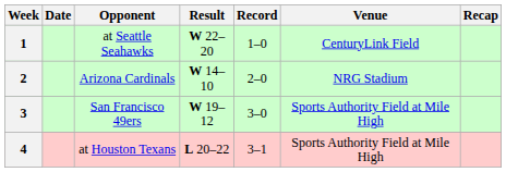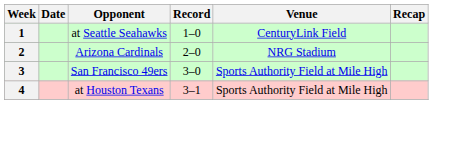 <table class="wikitable" style="text-align:center">
 <tr>
 <th>Week</th>
 <th>Date</th>
 <th>Opponent</th>
-<th>Result</th>
 <th>Record</th>
 <th>Venue</th>
 <th>Recap</th>
 </tr>
 <tr style="background:#cfc">
 <th>1</th>
 <td></td>
 <td>at <a href='#'>Seattle Seahawks</a></td>
-<td><strong>W</strong> 22–20</td>
 <td>1–0</td>
 <td><a href='#'>CenturyLink Field</a></td>
 <td></td>
 </tr>
 <tr style="background:#cfc">
 <th>2</th>
 <td></td>
 <td><a href='#'>Arizona Cardinals</a></td>
-<td><strong>W</strong> 14–10</td>
 <td>2–0</td>
 <td><a href='#'>NRG Stadium</a></td>
 <td></td>
 </tr>
 <tr style="background:#cfc">
 <th>3</th>
 <td></td>
 <td><a href='#'>San Francisco 49ers</a></td>
-<td><strong>W</strong> 19–12</td>
 <td>3–0</td>
 <td><a href='#'>Sports Authority Field at Mile High</a></td>
 <td></td>
 </tr>
 <tr style="background:#fcc">
 <th>4</th>
 <td></td>
 <td>at <a href='#'>Houston Texans</a></td>
-<td><strong>L</strong> 20–22</td>
 <td>3–1</td>
 <td>Sports Authority Field at Mile High</td>
 <td></td>
 </tr>
 </table>
